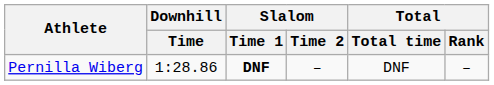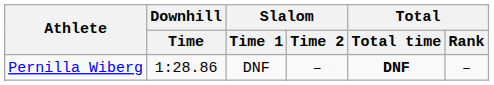 <table class="wikitable" style="font-size:90%">
 <tr>
 <th rowspan="2">Athlete</th>
 <th>Downhill</th>
 <th colspan="2">Slalom</th>
 <th colspan="2">Total</th>
 </tr>
 <tr>
 <th>Time</th>
 <th>Time 1</th>
 <th>Time 2</th>
 <th>Total time</th>
 <th>Rank</th>
 </tr>
 <tr>
 <td><a href='#'>Pernilla Wiberg</a></td>
 <td align="center">1:28.86</td>
+<td align="center">DNF</td>
+<td align="center">–</td>
 <td align="center"><strong>DNF</strong></td>
-<td align="center">–</td>
-<td align="center">DNF</td>
 <td align="center">–</td>
 </tr>
 </table>
